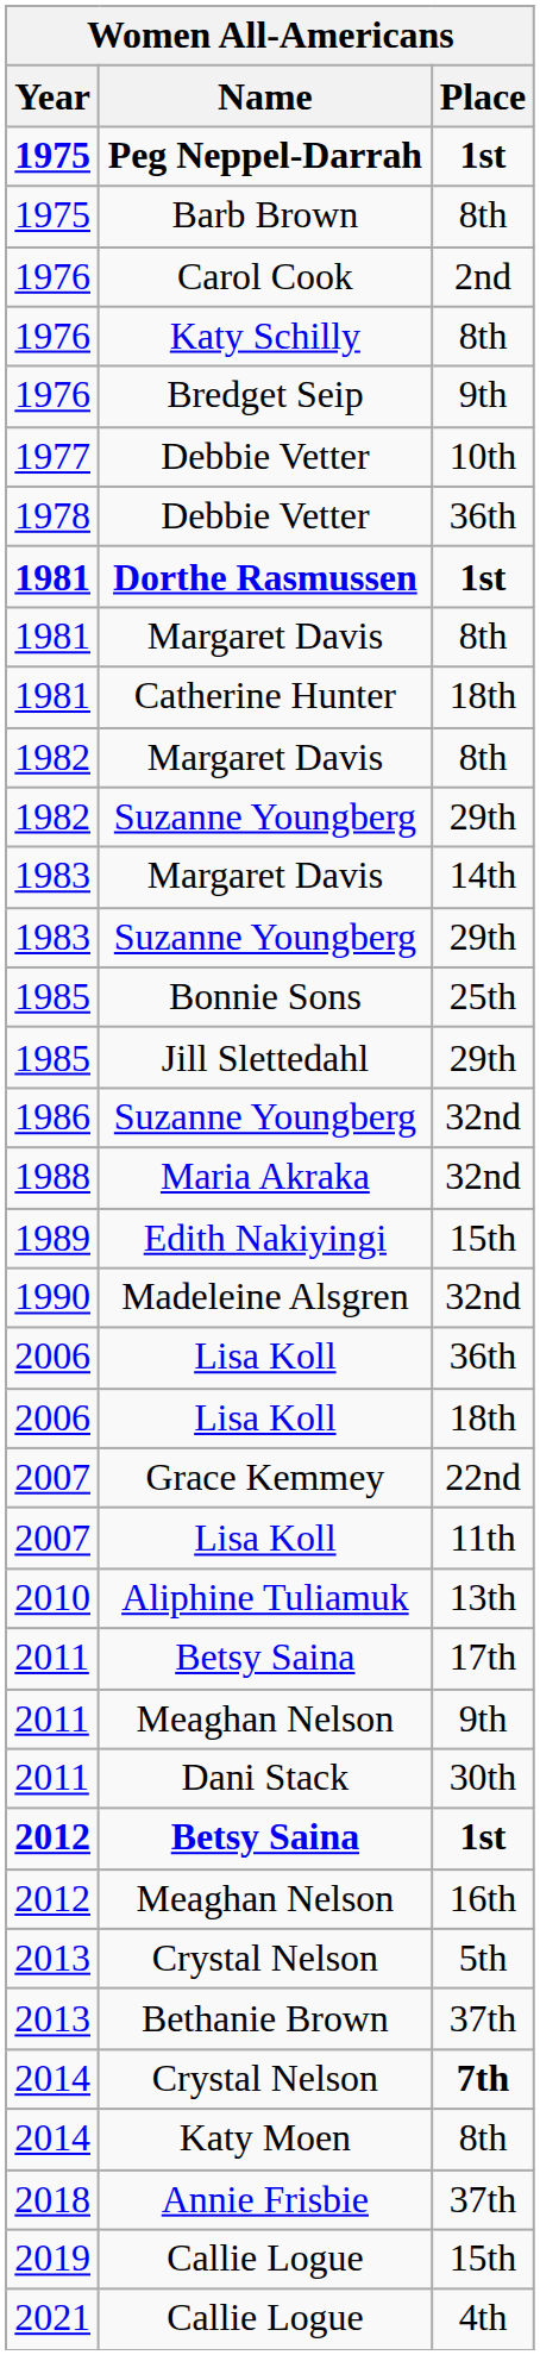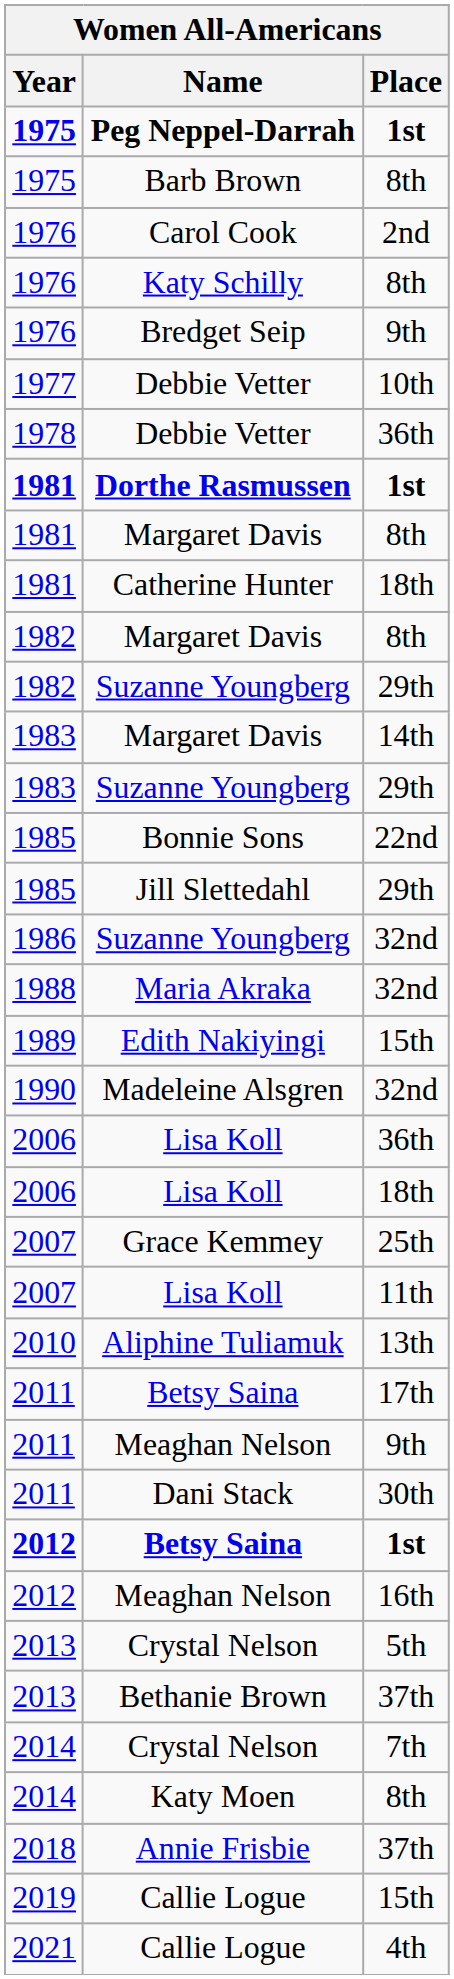 <table class="wikitable">
 <tr>
 <th colspan="3">Women All-Americans</th>
 </tr>
 <tr>
 <th scope="col">Year</th>
 <th scope="col">Name</th>
 <th scope="col">Place</th>
 </tr>
 <tr>
 <td><strong><a href='#'>1975</a></strong></td>
 <td style="text-align: center;"><strong>Peg Neppel-Darrah</strong></td>
 <td style="text-align: center;"><strong>1st</strong></td>
 </tr>
 <tr>
 <td><a href='#'>1975</a></td>
 <td style="text-align: center;">Barb Brown</td>
 <td style="text-align: center;">8th</td>
 </tr>
 <tr>
 <td><a href='#'>1976</a></td>
 <td style="text-align: center;">Carol Cook</td>
 <td style="text-align: center;">2nd</td>
 </tr>
 <tr>
 <td><a href='#'>1976</a></td>
 <td style="text-align: center;"><a href='#'>Katy Schilly</a></td>
 <td style="text-align: center;">8th</td>
 </tr>
 <tr>
 <td><a href='#'>1976</a></td>
 <td style="text-align: center;">Bredget Seip</td>
 <td style="text-align: center;">9th</td>
 </tr>
 <tr>
 <td><a href='#'>1977</a></td>
 <td style="text-align: center;">Debbie Vetter</td>
 <td style="text-align: center;">10th</td>
 </tr>
 <tr>
 <td><a href='#'>1978</a></td>
 <td style="text-align: center;">Debbie Vetter</td>
 <td style="text-align: center;">36th</td>
 </tr>
 <tr>
 <td><strong><a href='#'>1981</a></strong></td>
 <td style="text-align: center;"><strong><a href='#'>Dorthe Rasmussen</a></strong></td>
 <td style="text-align: center;"><strong>1st</strong></td>
 </tr>
 <tr>
 <td><a href='#'>1981</a></td>
 <td style="text-align: center;">Margaret Davis</td>
 <td style="text-align: center;">8th</td>
 </tr>
 <tr>
 <td><a href='#'>1981</a></td>
 <td style="text-align: center;">Catherine Hunter</td>
 <td style="text-align: center;">18th</td>
 </tr>
 <tr>
 <td><a href='#'>1982</a></td>
 <td style="text-align: center;">Margaret Davis</td>
 <td style="text-align: center;">8th</td>
 </tr>
 <tr>
 <td><a href='#'>1982</a></td>
 <td style="text-align: center;"><a href='#'>Suzanne Youngberg</a></td>
 <td style="text-align: center;">29th</td>
 </tr>
 <tr>
 <td><a href='#'>1983</a></td>
 <td style="text-align: center;">Margaret Davis</td>
 <td style="text-align: center;">14th</td>
 </tr>
 <tr>
 <td><a href='#'>1983</a></td>
 <td style="text-align: center;"><a href='#'>Suzanne Youngberg</a></td>
 <td style="text-align: center;">29th</td>
 </tr>
 <tr>
 <td><a href='#'>1985</a></td>
 <td style="text-align: center;">Bonnie Sons</td>
-<td style="text-align: center;">25th</td>
+<td style="text-align: center;">22nd</td>
 </tr>
 <tr>
 <td><a href='#'>1985</a></td>
 <td style="text-align: center;">Jill Slettedahl</td>
 <td style="text-align: center;">29th</td>
 </tr>
 <tr>
 <td><a href='#'>1986</a></td>
 <td style="text-align: center;"><a href='#'>Suzanne Youngberg</a></td>
 <td style="text-align: center;">32nd</td>
 </tr>
 <tr>
 <td><a href='#'>1988</a></td>
 <td style="text-align: center;"><a href='#'>Maria Akraka</a></td>
 <td style="text-align: center;">32nd</td>
 </tr>
 <tr>
 <td><a href='#'>1989</a></td>
 <td style="text-align: center;"><a href='#'>Edith Nakiyingi</a></td>
 <td style="text-align: center;">15th</td>
 </tr>
 <tr>
 <td><a href='#'>1990</a></td>
 <td style="text-align: center;">Madeleine Alsgren</td>
 <td style="text-align: center;">32nd</td>
 </tr>
 <tr>
 <td><a href='#'>2006</a></td>
 <td style="text-align: center;"><a href='#'>Lisa Koll</a></td>
 <td style="text-align: center;">36th</td>
 </tr>
 <tr>
 <td><a href='#'>2006</a></td>
 <td style="text-align: center;"><a href='#'>Lisa Koll</a></td>
 <td style="text-align: center;">18th</td>
 </tr>
 <tr>
 <td><a href='#'>2007</a></td>
 <td style="text-align: center;">Grace Kemmey</td>
-<td style="text-align: center;">22nd</td>
+<td style="text-align: center;">25th</td>
 </tr>
 <tr>
 <td><a href='#'>2007</a></td>
 <td style="text-align: center;"><a href='#'>Lisa Koll</a></td>
 <td style="text-align: center;">11th</td>
 </tr>
 <tr>
 <td><a href='#'>2010</a></td>
 <td style="text-align: center;"><a href='#'>Aliphine Tuliamuk</a></td>
 <td style="text-align: center;">13th</td>
 </tr>
 <tr>
 <td><a href='#'>2011</a></td>
 <td style="text-align: center;"><a href='#'>Betsy Saina</a></td>
 <td style="text-align: center;">17th</td>
 </tr>
 <tr>
 <td><a href='#'>2011</a></td>
 <td style="text-align: center;">Meaghan Nelson</td>
 <td style="text-align: center;">9th</td>
 </tr>
 <tr>
 <td><a href='#'>2011</a></td>
 <td style="text-align: center;">Dani Stack</td>
 <td style="text-align: center;">30th</td>
 </tr>
 <tr>
 <td><strong><a href='#'>2012</a></strong></td>
 <td style="text-align: center;"><strong><a href='#'>Betsy Saina</a></strong></td>
 <td style="text-align: center;"><strong>1st</strong></td>
 </tr>
 <tr>
 <td><a href='#'>2012</a></td>
 <td style="text-align: center;">Meaghan Nelson</td>
 <td style="text-align: center;">16th</td>
 </tr>
 <tr>
 <td><a href='#'>2013</a></td>
 <td style="text-align: center;">Crystal Nelson</td>
 <td style="text-align: center;">5th</td>
 </tr>
 <tr>
 <td><a href='#'>2013</a></td>
 <td style="text-align: center;">Bethanie Brown</td>
 <td style="text-align: center;">37th</td>
 </tr>
 <tr>
 <td><a href='#'>2014</a></td>
 <td style="text-align: center;">Crystal Nelson</td>
-<td style="text-align: center;"><strong>7th</strong></td>
+<td style="text-align: center;">7th</td>
 </tr>
 <tr>
 <td><a href='#'>2014</a></td>
 <td style="text-align: center;">Katy Moen</td>
 <td style="text-align: center;">8th</td>
 </tr>
 <tr>
 <td><a href='#'>2018</a></td>
 <td style="text-align: center;"><a href='#'>Annie Frisbie</a></td>
 <td style="text-align: center;">37th</td>
 </tr>
 <tr>
 <td><a href='#'>2019</a></td>
 <td style="text-align: center;">Callie Logue</td>
 <td style="text-align: center;">15th</td>
 </tr>
 <tr>
 <td><a href='#'>2021</a></td>
 <td style="text-align: center;">Callie Logue</td>
 <td style="text-align: center;">4th</td>
 </tr>
 <tr>
 </tr>
 </table>
